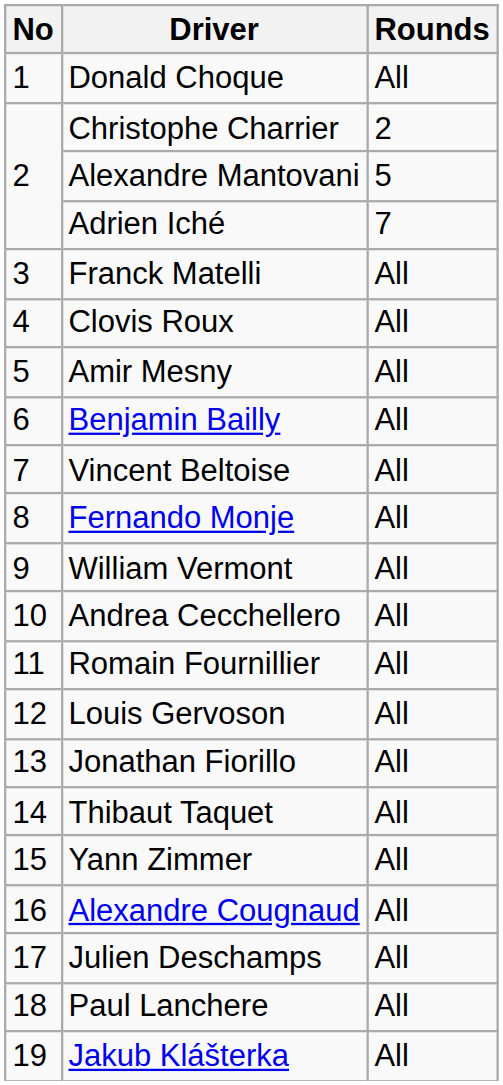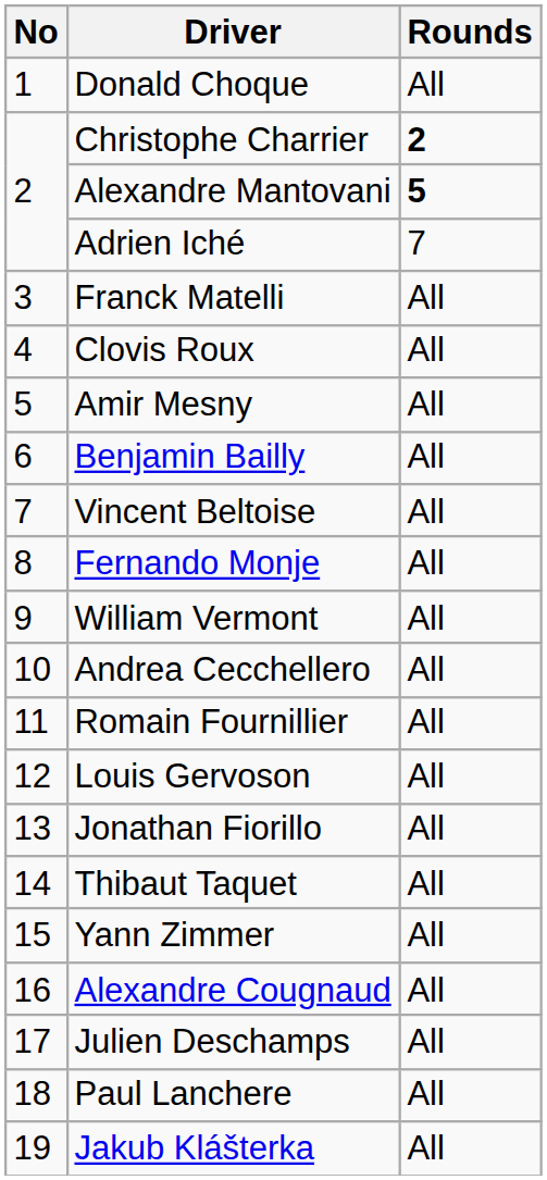 <table class="wikitable" style="font-size: 85%;">
 <tr>
 <th>No</th>
 <th>Driver</th>
 <th>Rounds</th>
 </tr>
 <tr>
 <td>1</td>
 <td> Donald Choque</td>
 <td>All</td>
 </tr>
 <tr>
 <td rowspan=3>2</td>
 <td> Christophe Charrier</td>
-<td>2</td>
+<td><strong>2</strong></td>
 </tr>
 <tr>
 <td> Alexandre Mantovani</td>
-<td>5</td>
+<td><strong>5</strong></td>
 </tr>
 <tr>
 <td> Adrien Iché</td>
 <td>7</td>
 </tr>
 <tr>
 <td>3</td>
 <td> Franck Matelli</td>
 <td>All</td>
 </tr>
 <tr>
 <td>4</td>
 <td> Clovis Roux</td>
 <td>All</td>
 </tr>
 <tr>
 <td>5</td>
 <td> Amir Mesny</td>
 <td>All</td>
 </tr>
 <tr>
 <td>6</td>
 <td> <a href='#'>Benjamin Bailly</a></td>
 <td>All</td>
 </tr>
 <tr>
 <td>7</td>
 <td> Vincent Beltoise</td>
 <td>All</td>
 </tr>
 <tr>
 <td>8</td>
 <td> <a href='#'>Fernando Monje</a></td>
 <td>All</td>
 </tr>
 <tr>
 <td>9</td>
 <td> William Vermont</td>
 <td>All</td>
 </tr>
 <tr>
 <td>10</td>
 <td> Andrea Cecchellero</td>
 <td>All</td>
 </tr>
 <tr>
 <td>11</td>
 <td> Romain Fournillier</td>
 <td>All</td>
 </tr>
 <tr>
 <td>12</td>
 <td> Louis Gervoson</td>
 <td>All</td>
 </tr>
 <tr>
 <td>13</td>
 <td> Jonathan Fiorillo</td>
 <td>All</td>
 </tr>
 <tr>
 <td>14</td>
 <td> Thibaut Taquet</td>
 <td>All</td>
 </tr>
 <tr>
 <td>15</td>
 <td> Yann Zimmer</td>
 <td>All</td>
 </tr>
 <tr>
 <td>16</td>
 <td> <a href='#'>Alexandre Cougnaud</a></td>
 <td>All</td>
 </tr>
 <tr>
 <td>17</td>
 <td> Julien Deschamps</td>
 <td>All</td>
 </tr>
 <tr>
 <td>18</td>
 <td> Paul Lanchere</td>
 <td>All</td>
 </tr>
 <tr>
 <td>19</td>
 <td> <a href='#'>Jakub Klášterka</a></td>
 <td>All</td>
 </tr>
 </table>
